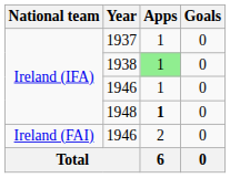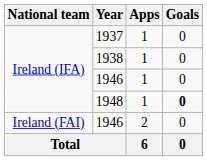 <table class=wikitable style="text-align: center">
 <tr>
 <th>National team</th>
 <th>Year</th>
 <th>Apps</th>
 <th>Goals</th>
 </tr>
 <tr>
 <td rowspan=4><a href='#'>Ireland (IFA)</a></td>
 <td>1937</td>
 <td>1</td>
 <td>0</td>
 </tr>
 <tr>
 <td>1938</td>
-<td style="background: lightgreen;">1</td>
+<td>1</td>
 <td>0</td>
 </tr>
 <tr>
 <td>1946</td>
 <td>1</td>
 <td>0</td>
 </tr>
 <tr>
 <td>1948</td>
-<td><strong>1</strong></td>
-<td>0</td>
+<td>1</td>
+<td><strong>0</strong></td>
 </tr>
 <tr>
 <td><a href='#'>Ireland (FAI)</a></td>
 <td>1946</td>
 <td>2</td>
 <td>0</td>
 </tr>
 <tr>
 <th colspan=2>Total</th>
 <th>6</th>
 <th>0</th>
 </tr>
 </table>
